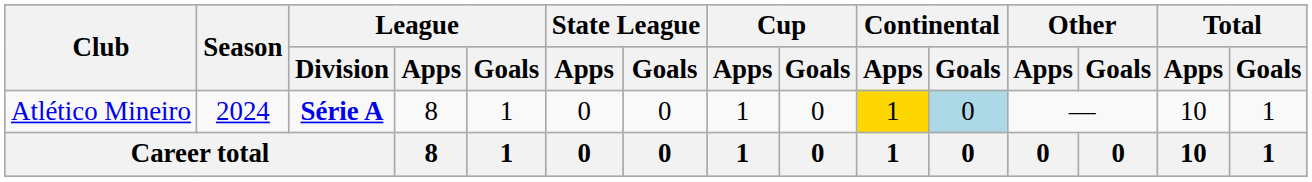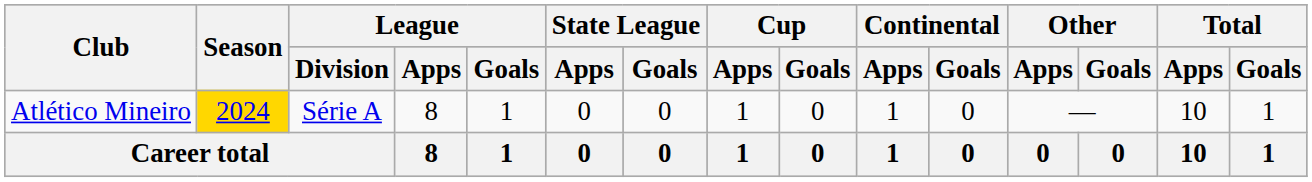 <table class="wikitable" style="text-align: center;">
 <tr>
 <th rowspan="2">Club</th>
 <th rowspan="2">Season</th>
 <th colspan="3">League</th>
 <th colspan="2">State League</th>
 <th colspan="2">Cup</th>
 <th colspan="2">Continental</th>
 <th colspan="2">Other</th>
 <th colspan="2">Total</th>
 </tr>
 <tr>
 <th>Division</th>
 <th>Apps</th>
 <th>Goals</th>
 <th>Apps</th>
 <th>Goals</th>
 <th>Apps</th>
 <th>Goals</th>
 <th>Apps</th>
 <th>Goals</th>
 <th>Apps</th>
 <th>Goals</th>
 <th>Apps</th>
 <th>Goals</th>
 </tr>
 <tr>
 <td rowspan=1><a href='#'>Atlético Mineiro</a></td>
-<td><a href='#'>2024</a></td>
-<td><strong><a href='#'>Série A</a></strong></td>
+<td style="background: gold;"><a href='#'>2024</a></td>
+<td><a href='#'>Série A</a></td>
 <td>8</td>
 <td>1</td>
 <td>0</td>
 <td>0</td>
 <td>1</td>
 <td>0</td>
-<td style="background: gold;">1</td>
-<td style="background: lightblue;">0</td>
+<td>1</td>
+<td>0</td>
 <td colspan="2">—</td>
 <td>10</td>
 <td>1</td>
 </tr>
 <tr>
 <th colspan="3">Career total</th>
 <th>8</th>
 <th>1</th>
 <th>0</th>
 <th>0</th>
 <th>1</th>
 <th>0</th>
 <th>1</th>
 <th>0</th>
 <th>0</th>
 <th>0</th>
 <th>10</th>
 <th>1</th>
 </tr>
 </table>
